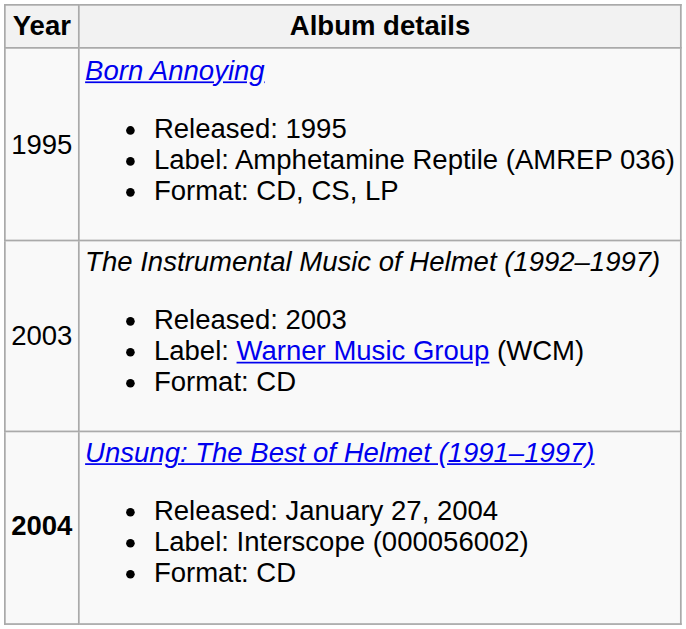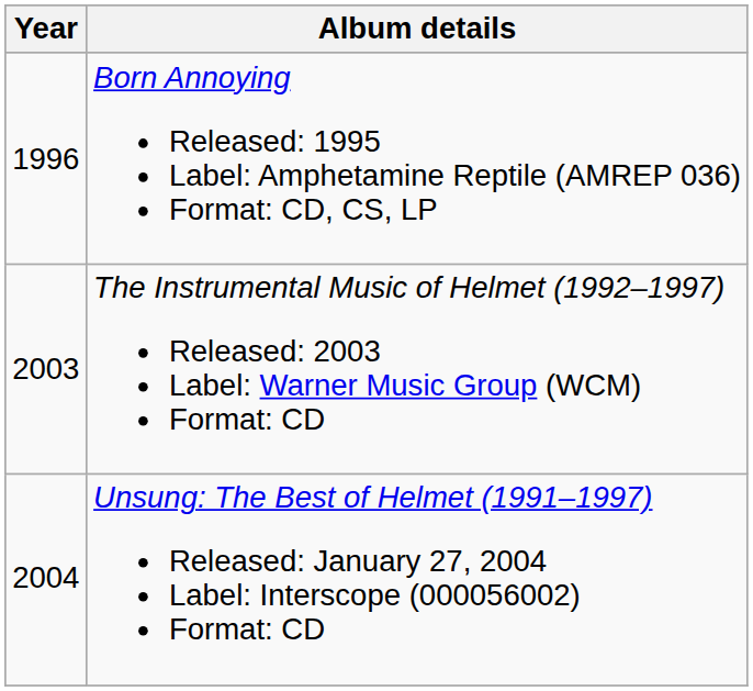 <table class ="wikitable">
 <tr>
 <th scope="col">Year</th>
 <th scope="col">Album details</th>
 </tr>
 <tr>
-<td>1995</td>
+<td>1996</td>
 <td><em><a href='#'>Born Annoying</a></em><br><ul><li>Released: 1995</li><li>Label: Amphetamine Reptile (AMREP 036)</li><li>Format: CD, CS, LP</li></ul></td>
 </tr>
 <tr>
 <td>2003</td>
 <td><em>The Instrumental Music of Helmet (1992–1997)</em><br><ul><li>Released: 2003</li><li>Label: <a href='#'>Warner Music Group</a> (WCM)</li><li>Format: CD</li></ul></td>
 </tr>
 <tr>
-<td><strong>2004</strong></td>
+<td>2004</td>
 <td><em><a href='#'>Unsung: The Best of Helmet (1991–1997)</a></em><br><ul><li>Released: January 27, 2004</li><li>Label: Interscope (000056002)</li><li>Format: CD</li></ul></td>
 </tr>
 </table>
